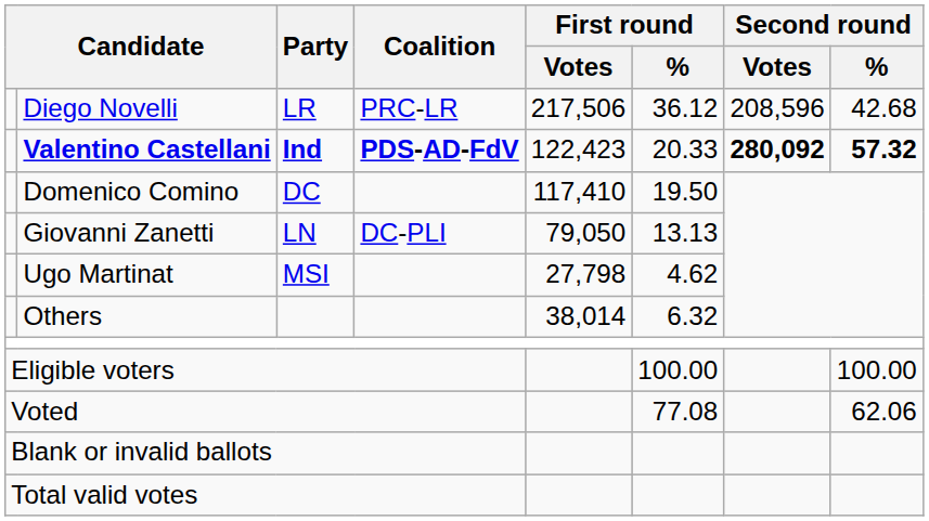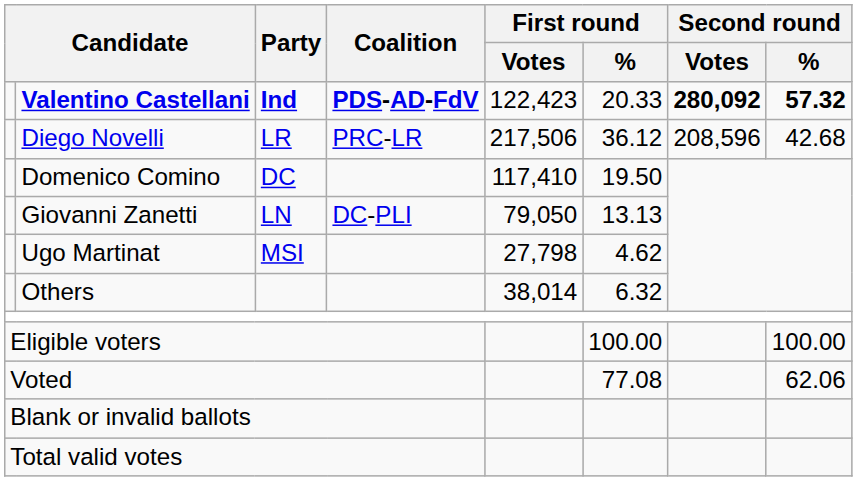 <table class="wikitable centre">
 <tr>
 <th scope="col" rowspan=2 colspan=2>Candidate</th>
 <th scope="col" rowspan=2 colspan=1>Party</th>
 <th scope="col" rowspan=2 colspan=1>Coalition</th>
 <th scope="col" colspan=2>First round</th>
 <th scope="col" colspan=2>Second round</th>
 </tr>
 <tr>
 <th scope="col">Votes</th>
 <th scope="col">%</th>
 <th scope="col">Votes</th>
 <th scope="col">%</th>
 </tr>
 <tr>
 <td></td>
+<td><strong><a href='#'>Valentino Castellani</a></strong></td>
+<td><strong><a href='#'>Ind</a></strong></td>
+<td><strong><a href='#'>PDS</a>-<a href='#'>AD</a>-<a href='#'>FdV</a></strong></td>
+<td style="text-align: right">122,423</td>
+<td style="text-align: right">20.33</td>
+<td style="text-align: right"><strong>280,092</strong></td>
+<td style="text-align: right"><strong>57.32</strong></td>
+</tr>
+<tr>
+<td></td>
 <td><a href='#'>Diego Novelli</a></td>
 <td><a href='#'>LR</a></td>
 <td><a href='#'>PRC</a>-<a href='#'>LR</a></td>
 <td style="text-align: right">217,506</td>
 <td style="text-align: right">36.12</td>
 <td style="text-align: right">208,596</td>
 <td style="text-align: right">42.68</td>
-</tr>
-<tr>
-<td></td>
-<td><strong><a href='#'>Valentino Castellani</a></strong></td>
-<td><strong><a href='#'>Ind</a></strong></td>
-<td><strong><a href='#'>PDS</a>-<a href='#'>AD</a>-<a href='#'>FdV</a></strong></td>
-<td style="text-align: right">122,423</td>
-<td style="text-align: right">20.33</td>
-<td style="text-align: right"><strong>280,092</strong></td>
-<td style="text-align: right"><strong>57.32</strong></td>
 </tr>
 <tr>
 <td></td>
 <td>Domenico Comino</td>
 <td><a href='#'>DC</a></td>
 <td></td>
 <td style="text-align: right">117,410</td>
 <td style="text-align: right">19.50</td>
 </tr>
 <tr>
 <td></td>
 <td>Giovanni Zanetti</td>
 <td><a href='#'>LN</a></td>
 <td><a href='#'>DC</a>-<a href='#'>PLI</a></td>
 <td style="text-align: right">79,050</td>
 <td style="text-align: right">13.13</td>
 </tr>
 <tr>
 <td></td>
 <td>Ugo Martinat</td>
 <td><a href='#'>MSI</a></td>
 <td></td>
 <td style="text-align: right">27,798</td>
 <td style="text-align: right">4.62</td>
 </tr>
 <tr>
 <td bgcolor=""></td>
 <td>Others</td>
 <td></td>
 <td></td>
 <td style="text-align: right">38,014</td>
 <td style="text-align: right">6.32</td>
 </tr>
 <tr bgcolor=white>
 <td colspan=8></td>
 </tr>
 <tr>
 <td colspan=4>Eligible voters</td>
 <td style="text-align: right"></td>
 <td style="text-align: right">100.00</td>
 <td style="text-align: right"></td>
 <td style="text-align: right">100.00</td>
 </tr>
 <tr>
 <td colspan=4>Voted</td>
 <td style="text-align: right"></td>
 <td style="text-align: right">77.08</td>
 <td style="text-align: right"></td>
 <td style="text-align: right">62.06</td>
 </tr>
 <tr>
 <td colspan=4>Blank or invalid ballots</td>
 <td style="text-align: right"></td>
 <td style="text-align: right"></td>
 <td style="text-align: right"></td>
 <td style="text-align: right"></td>
 </tr>
 <tr>
 <td colspan=4>Total valid votes</td>
 <td style="text-align: right"></td>
 <td style="text-align: right"></td>
 <td style="text-align: right"></td>
 <td style="text-align: right"></td>
 </tr>
 </table>
